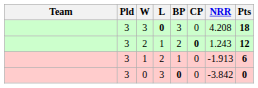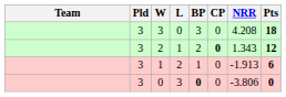 <table class="wikitable" style="text-align:center">
 <tr>
 <th width=175>Team</th>
 <th width=20 abbr="Played">Pld</th>
 <th width=20 abbr="Won">W</th>
 <th width=20 abbr="Lost">L</th>
 <th width=20 abbr="Bonus points">BP</th>
 <th width=20 abbr="Consolation Points">CP</th>
 <th width=20 abbr="Net run rate"><a href='#'>NRR</a></th>
 <th width=20 abbr="Points">Pts</th>
 </tr>
 <tr bgcolor="#ccffcc">
 <td align="left"></td>
 <td>3</td>
 <td>3</td>
-<td><strong>0</strong></td>
+<td>0</td>
 <td>3</td>
 <td>0</td>
 <td>4.208</td>
 <td><strong>18</strong></td>
 </tr>
 <tr bgcolor="#ccffcc">
 <td align="left"></td>
 <td>3</td>
 <td>2</td>
 <td>1</td>
 <td>2</td>
 <td><strong>0</strong></td>
-<td>1.243</td>
+<td>1.343</td>
 <td><strong>12</strong></td>
 </tr>
 <tr bgcolor="#ffcccc">
 <td align="left"></td>
 <td>3</td>
 <td>1</td>
 <td>2</td>
 <td>1</td>
 <td>0</td>
 <td>-1.913</td>
 <td><strong>6</strong></td>
 </tr>
 <tr bgcolor="#ffcccc">
 <td align="left"></td>
 <td>3</td>
 <td>0</td>
 <td>3</td>
 <td><strong>0</strong></td>
 <td>0</td>
-<td>-3.842</td>
+<td>-3.806</td>
 <td><strong>0</strong></td>
 </tr>
 </table>
